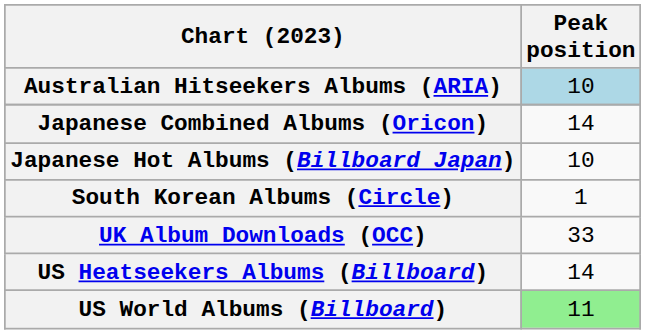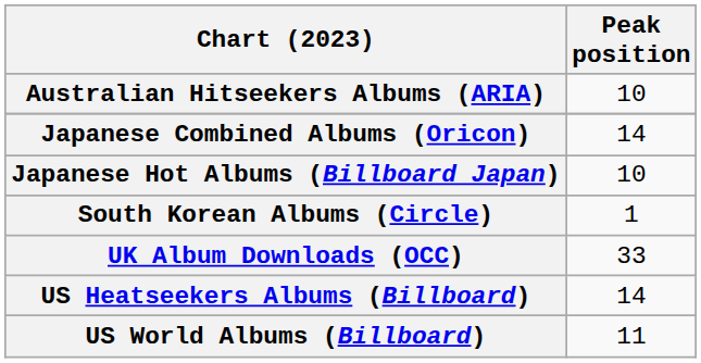 <table class="wikitable plainrowheaders sortable" style="text-align:center">
 <tr>
 <th scope="col">Chart (2023)</th>
 <th scope="col">Peak<br>position</th>
 </tr>
 <tr>
 <th scope="row">Australian Hitseekers Albums (<a href='#'>ARIA</a>)</th>
-<td style="background: lightblue;">10</td>
+<td>10</td>
 </tr>
 <tr>
 </tr>
 <tr>
 <th scope="row">Japanese Combined Albums (<a href='#'>Oricon</a>)</th>
 <td>14</td>
 </tr>
 <tr>
 <th scope="row">Japanese Hot Albums (<em><a href='#'>Billboard Japan</a></em>)</th>
 <td>10</td>
 </tr>
 <tr>
 <th scope="row">South Korean Albums (<a href='#'>Circle</a>)</th>
 <td>1</td>
 </tr>
 <tr>
 <th scope="row"><a href='#'>UK Album Downloads</a> (<a href='#'>OCC</a>)</th>
 <td>33</td>
 </tr>
 <tr>
 <th scope="row">US <a href='#'>Heatseekers Albums</a> (<em><a href='#'>Billboard</a></em>)</th>
 <td>14</td>
 </tr>
 <tr>
 <th scope="row">US World Albums (<em><a href='#'>Billboard</a></em>)</th>
-<td style="background: lightgreen;">11</td>
+<td>11</td>
 </tr>
 </table>
